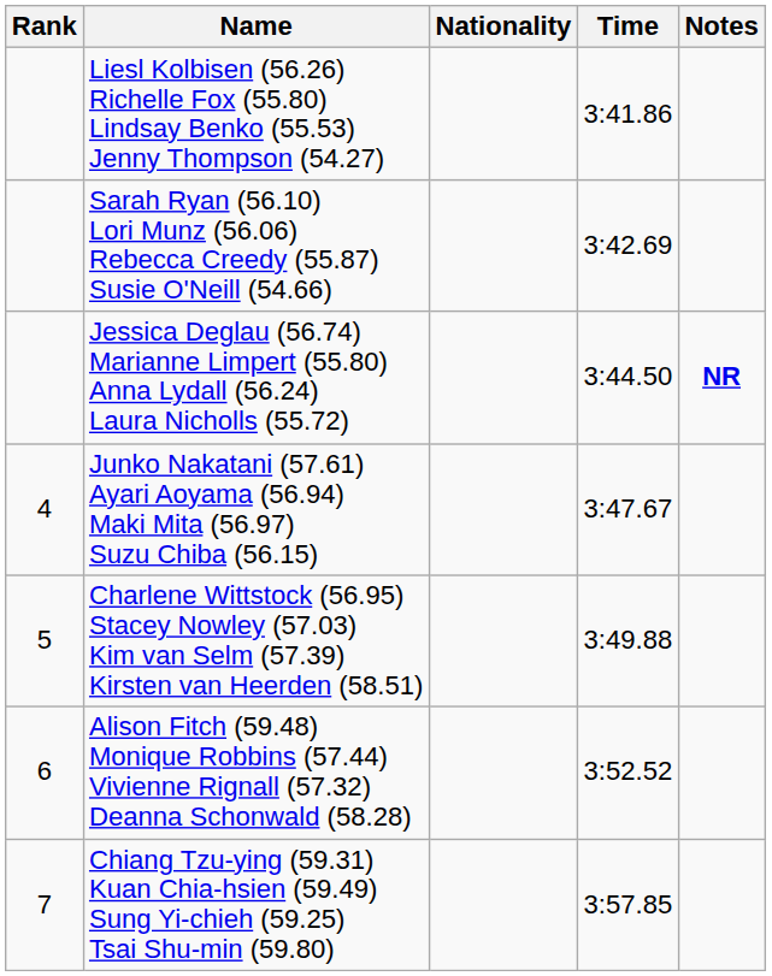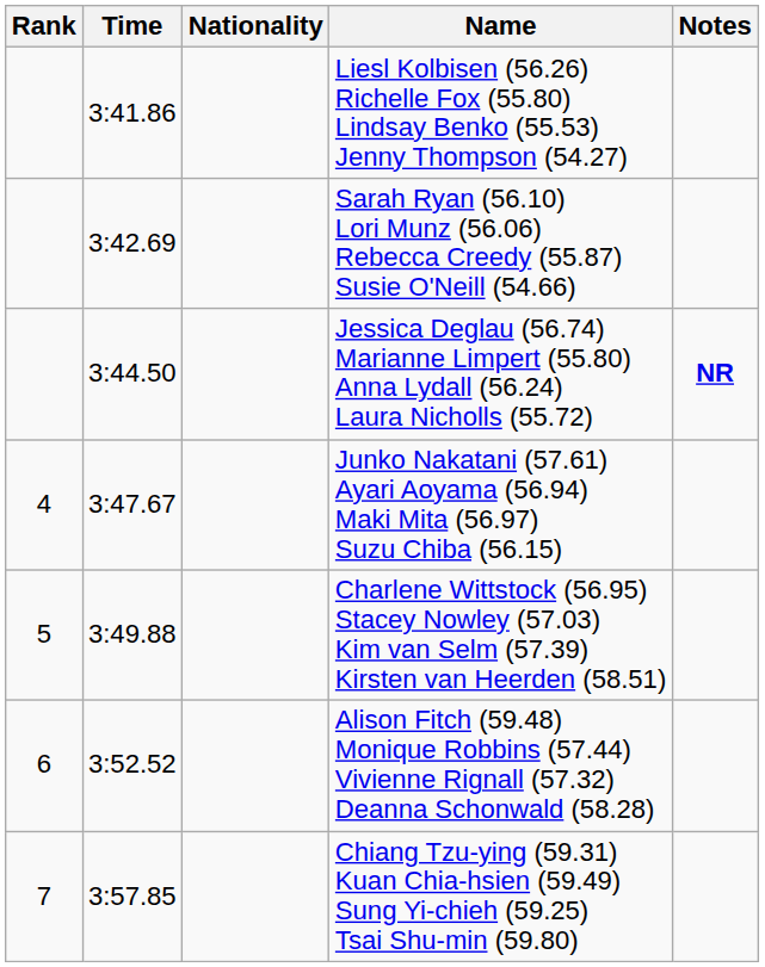 <table class="wikitable sortable" style="text-align:center">
 <tr>
 <th>Rank</th>
+<th>Time</th>
+<th>Nationality</th>
 <th>Name</th>
-<th>Nationality</th>
-<th>Time</th>
 <th>Notes</th>
 </tr>
 <tr>
 <td></td>
+<td>3:41.86</td>
+<td align=left></td>
 <td align=left><a href='#'>Liesl Kolbisen</a> (56.26) <br> <a href='#'>Richelle Fox</a> (55.80) <br> <a href='#'>Lindsay Benko</a> (55.53) <br> <a href='#'>Jenny Thompson</a> (54.27)</td>
-<td align=left></td>
-<td>3:41.86</td>
 <td></td>
 </tr>
 <tr>
 <td></td>
+<td>3:42.69</td>
+<td align=left></td>
 <td align=left><a href='#'>Sarah Ryan</a> (56.10) <br> <a href='#'>Lori Munz</a> (56.06) <br> <a href='#'>Rebecca Creedy</a> (55.87) <br> <a href='#'>Susie O'Neill</a> (54.66)</td>
-<td align=left></td>
-<td>3:42.69</td>
 <td></td>
 </tr>
 <tr>
 <td></td>
+<td>3:44.50</td>
+<td align=left></td>
 <td align=left><a href='#'>Jessica Deglau</a> (56.74) <br> <a href='#'>Marianne Limpert</a> (55.80) <br> <a href='#'>Anna Lydall</a> (56.24) <br> <a href='#'>Laura Nicholls</a> (55.72)</td>
-<td align=left></td>
-<td>3:44.50</td>
 <td><strong><a href='#'>NR</a></strong></td>
 </tr>
 <tr>
 <td>4</td>
+<td>3:47.67</td>
+<td align=left></td>
 <td align=left><a href='#'>Junko Nakatani</a> (57.61) <br> <a href='#'>Ayari Aoyama</a> (56.94) <br> <a href='#'>Maki Mita</a> (56.97) <br> <a href='#'>Suzu Chiba</a> (56.15)</td>
-<td align=left></td>
-<td>3:47.67</td>
 <td></td>
 </tr>
 <tr>
 <td>5</td>
+<td>3:49.88</td>
+<td align=left></td>
 <td align=left><a href='#'>Charlene Wittstock</a> (56.95) <br><a href='#'>Stacey Nowley</a> (57.03) <br><a href='#'>Kim van Selm</a> (57.39) <br><a href='#'>Kirsten van Heerden</a> (58.51)</td>
-<td align=left></td>
-<td>3:49.88</td>
 <td></td>
 </tr>
 <tr>
 <td>6</td>
+<td>3:52.52</td>
+<td align=left></td>
 <td align=left><a href='#'>Alison Fitch</a> (59.48) <br> <a href='#'>Monique Robbins</a> (57.44) <br> <a href='#'>Vivienne Rignall</a> (57.32) <br> <a href='#'>Deanna Schonwald</a> (58.28)</td>
-<td align=left></td>
-<td>3:52.52</td>
 <td></td>
 </tr>
 <tr>
 <td>7</td>
+<td>3:57.85</td>
+<td align=left></td>
 <td align=left><a href='#'>Chiang Tzu-ying</a> (59.31) <br> <a href='#'>Kuan Chia-hsien</a> (59.49) <br> <a href='#'>Sung Yi-chieh</a> (59.25) <br> <a href='#'>Tsai Shu-min</a> (59.80)</td>
-<td align=left></td>
-<td>3:57.85</td>
 <td></td>
 </tr>
 </table>
